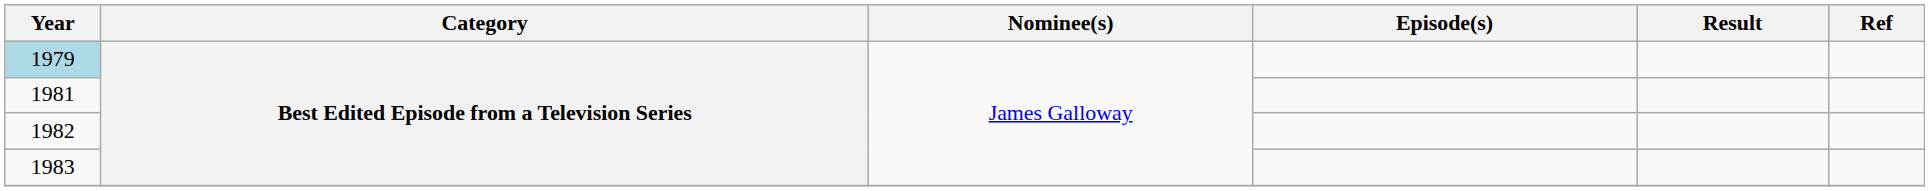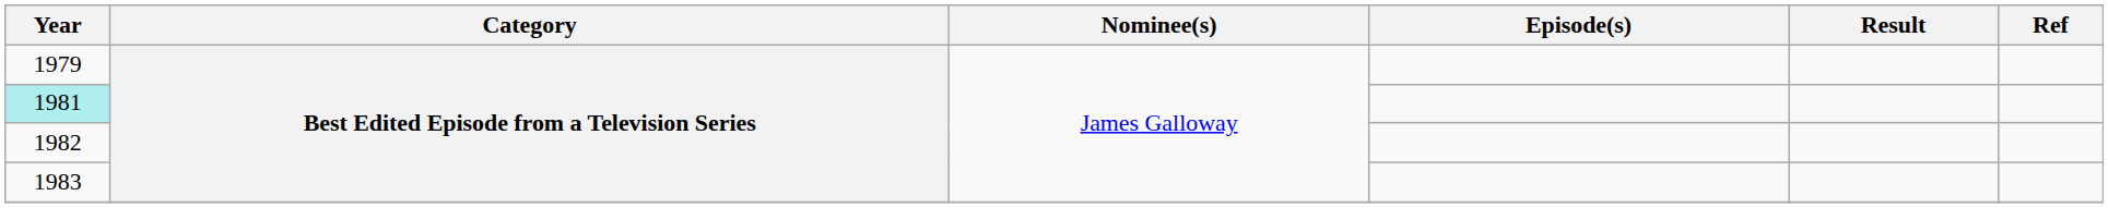 <table class="wikitable plainrowheaders" style="font-size: 90%; text-align:center" width=100%>
 <tr>
 <th scope="col" width="5%">Year</th>
 <th scope="col" width="40%">Category</th>
 <th scope="col" width="20%">Nominee(s)</th>
 <th scope="col" width="20%">Episode(s)</th>
 <th scope="col" width="10%">Result</th>
 <th scope="col" width="5%">Ref</th>
 </tr>
 <tr>
-<td style="background: lightblue;">1979</td>
+<td>1979</td>
 <th scope="row" style="text-align:center" rowspan="4">Best Edited Episode from a Television Series</th>
 <td rowspan="4"><a href='#'>James Galloway</a></td>
 <td></td>
 <td></td>
 <td></td>
 </tr>
 <tr>
-<td>1981</td>
+<td style="background: paleturquoise;">1981</td>
 <td></td>
 <td></td>
 <td></td>
 </tr>
 <tr>
 <td>1982</td>
 <td></td>
 <td></td>
 <td></td>
 </tr>
 <tr>
 <td>1983</td>
 <td></td>
 <td></td>
 <td></td>
 </tr>
 <tr>
 </tr>
 </table>
